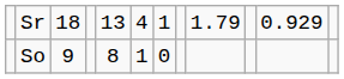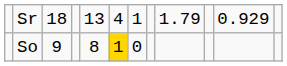 <table class="wikitable sortable" style="text-align:center">
 <tr>
 <td align=left></td>
 <td>Sr</td>
 <td>18</td>
 <td></td>
 <td>13</td>
 <td>4</td>
 <td>1</td>
 <td></td>
 <td>1.79</td>
 <td></td>
 <td>0.929</td>
 <td></td>
 </tr>
 <tr>
 <td align=left></td>
 <td>So</td>
 <td>9</td>
 <td></td>
 <td>8</td>
-<td>1</td>
+<td style="background: gold;">1</td>
 <td>0</td>
 <td></td>
 <td></td>
 <td></td>
 <td></td>
 <td></td>
 </tr>
 </table>
